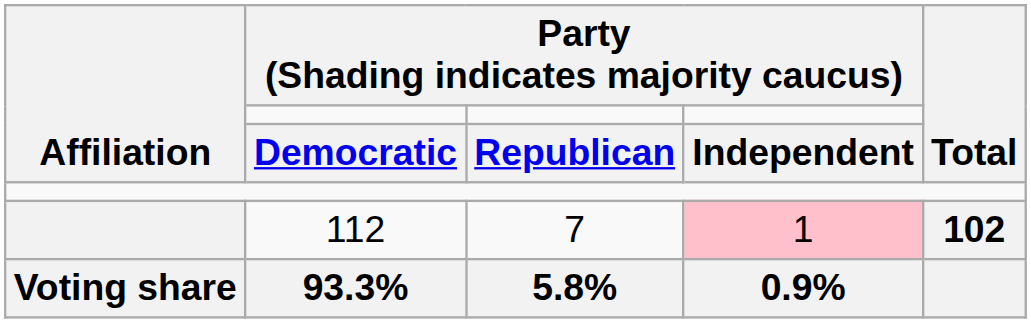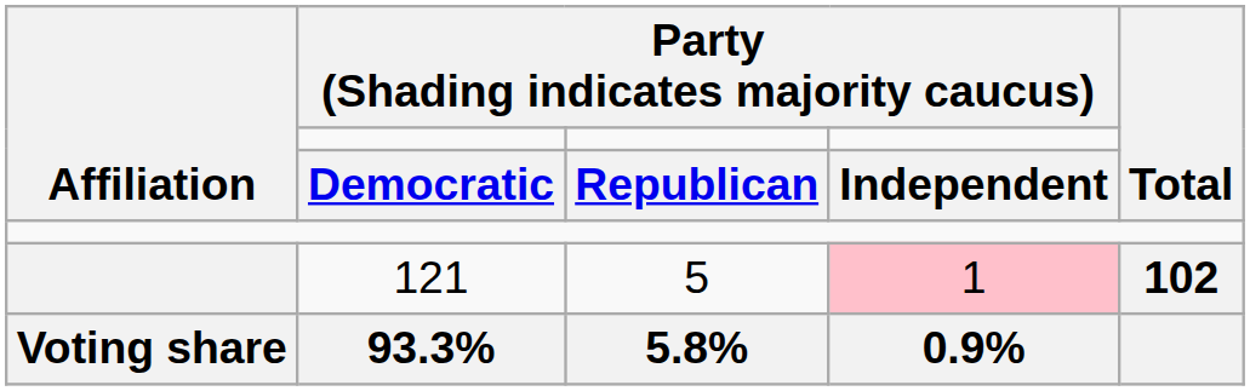 <table class=wikitable style="text-align:center">
 <tr style="vertical-align:bottom;">
 <th rowspan=3>Affiliation</th>
 <th colspan=3>Party <div>(Shading indicates majority caucus)</div></th>
 <th rowspan=3>Total</th>
 </tr>
 <tr style="height:5px">
 <td style="background-color:"></td>
 <td style="background-color:"></td>
 <td></td>
 </tr>
 <tr>
 <th><a href='#'>Democratic</a></th>
 <th><a href='#'>Republican</a></th>
 <th>Independent</th>
 </tr>
 <tr>
 <td colspan=5></td>
 </tr>
 <tr>
 <th nowrap style="font-size:80%"></th>
-<td>112</td>
-<td>7</td>
+<td>121</td>
+<td>5</td>
 <td style="background: pink;">1</td>
 <th>102</th>
 </tr>
 <tr>
 <th>Voting share</th>
 <th>93.3%</th>
 <th>5.8%</th>
 <th>0.9%</th>
 <th colspan=2></th>
 </tr>
 </table>
